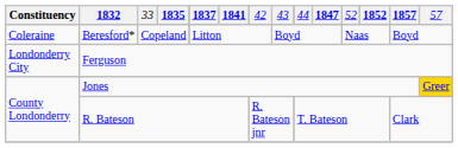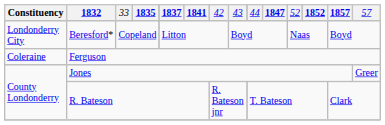 <table class="wikitable" style="border-collapse: separate; border-spacing: 0;">
 <tr>
 <th>Constituency</th>
 <th><a href='#'>1832</a></th>
 <th style="font-weight: normal;"><em>33</em></th>
 <th><a href='#'>1835</a></th>
 <th><a href='#'>1837</a></th>
 <th><a href='#'>1841</a></th>
 <th style="font-weight: normal;"><em><a href='#'>42</a></em></th>
 <th style="font-weight: normal;"><em><a href='#'>43</a></em></th>
 <th style="font-weight: normal;"><em><a href='#'>44</a></em></th>
 <th><a href='#'>1847</a></th>
 <th style="font-weight: normal;"><em><a href='#'>52</a></em></th>
 <th><a href='#'>1852</a></th>
 <th><a href='#'>1857</a></th>
 <th style="font-weight: normal;"><em><a href='#'>57</a></em></th>
 </tr>
 <tr>
-<td><a href='#'>Coleraine</a></td>
+<td><a href='#'>Londonderry City</a></td>
 <td><a href='#'>Beresford</a>*</td>
 <td colspan="2"><a href='#'>Copeland</a></td>
 <td colspan="3"><a href='#'>Litton</a></td>
 <td colspan="3"><a href='#'>Boyd</a></td>
 <td colspan="2"><a href='#'>Naas</a></td>
 <td colspan="2"><a href='#'>Boyd</a></td>
 </tr>
 <tr>
-<td><a href='#'>Londonderry City</a></td>
+<td><a href='#'>Coleraine</a></td>
 <td colspan="13"><a href='#'>Ferguson</a></td>
 </tr>
 <tr>
 <td rowspan="2"><a href='#'>County Londonderry</a></td>
 <td colspan="12"><a href='#'>Jones</a></td>
-<td style="background: gold;"><a href='#'>Greer</a></td>
+<td><a href='#'>Greer</a></td>
 </tr>
 <tr>
 <td colspan="5"><a href='#'>R. Bateson</a></td>
 <td colspan="2"><a href='#'>R. Bateson jnr</a></td>
 <td colspan="4"><a href='#'>T. Bateson</a></td>
 <td colspan="2"><a href='#'>Clark</a></td>
 </tr>
 </table>
